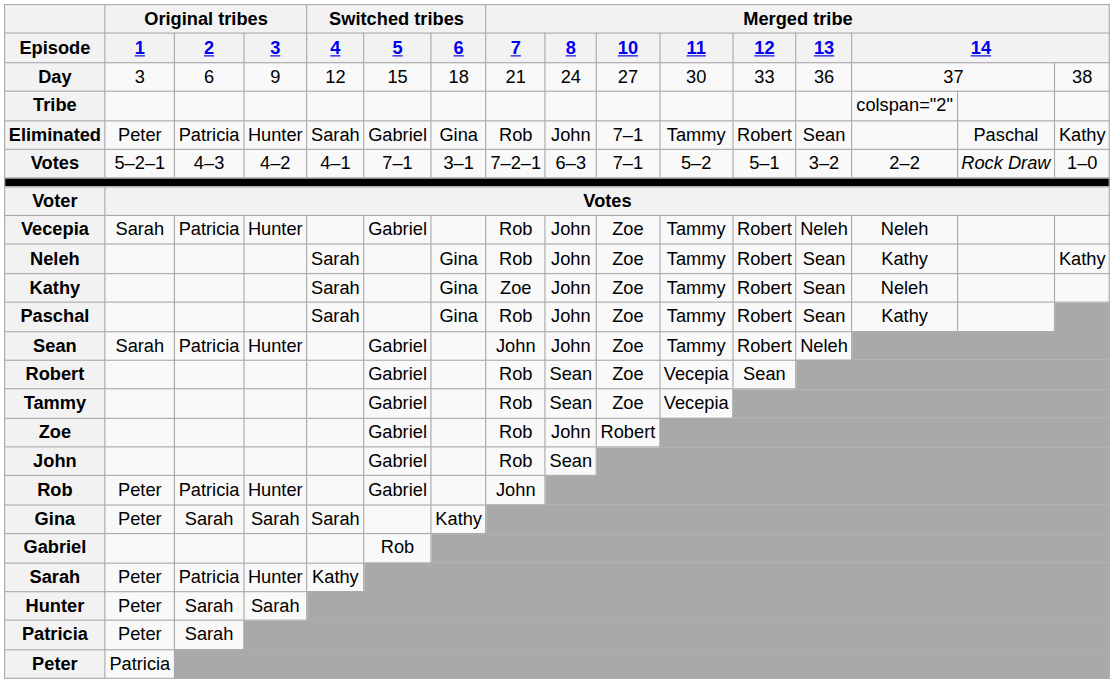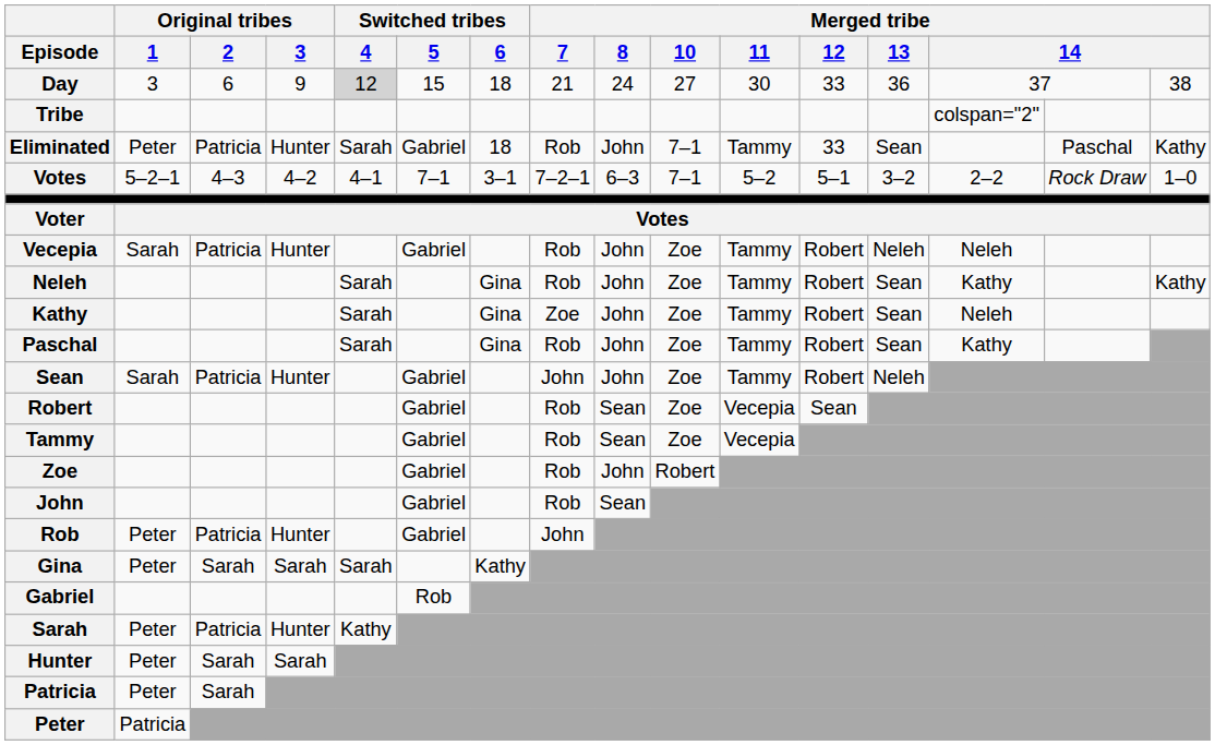 <table class="wikitable nowrap" style="text-align:center;">
 <tr>
 <th></th>
 <th colspan="3">Original tribes</th>
 <th colspan="3">Switched tribes</th>
 <th colspan="9">Merged tribe</th>
 </tr>
 <tr>
 <th>Episode</th>
 <th><a href='#'>1</a></th>
 <th><a href='#'>2</a></th>
 <th><a href='#'>3</a></th>
 <th><a href='#'>4</a></th>
 <th><a href='#'>5</a></th>
 <th><a href='#'>6</a></th>
 <th><a href='#'>7</a></th>
 <th><a href='#'>8</a></th>
 <th><a href='#'>10</a></th>
 <th><a href='#'>11</a></th>
 <th><a href='#'>12</a></th>
 <th><a href='#'>13</a></th>
 <th colspan="3"><a href='#'>14</a></th>
 </tr>
 <tr>
 <th>Day</th>
 <td>3</td>
 <td>6</td>
 <td>9</td>
-<td>12</td>
+<td style="background: lightgrey;">12</td>
 <td>15</td>
 <td>18</td>
 <td>21</td>
 <td>24</td>
 <td>27</td>
 <td>30</td>
 <td>33</td>
 <td>36</td>
 <td colspan="2">37</td>
 <td>38</td>
 </tr>
 <tr>
 <th>Tribe</th>
 <td></td>
 <td></td>
 <td></td>
 <td></td>
 <td></td>
 <td></td>
 <td></td>
 <td></td>
 <td></td>
 <td></td>
 <td></td>
 <td></td>
 <td>colspan="2" </td>
 <td></td>
 </tr>
 <tr>
 <th>Eliminated</th>
 <td>Peter</td>
 <td>Patricia</td>
 <td>Hunter</td>
 <td>Sarah</td>
 <td>Gabriel</td>
-<td>Gina</td>
+<td>18</td>
 <td>Rob</td>
 <td>John</td>
 <td>7–1</td>
 <td>Tammy</td>
-<td>Robert</td>
+<td>33</td>
 <td>Sean</td>
 <td></td>
 <td>Paschal</td>
 <td>Kathy</td>
 </tr>
 <tr>
 <th>Votes</th>
 <td>5–2–1</td>
 <td>4–3</td>
 <td>4–2</td>
 <td>4–1</td>
 <td>7–1</td>
 <td>3–1</td>
 <td>7–2–1</td>
 <td>6–3</td>
 <td>7–1</td>
 <td>5–2</td>
 <td>5–1</td>
 <td>3–2</td>
 <td>2–2</td>
 <td><em>Rock Draw</em></td>
 <td>1–0</td>
 </tr>
 <tr>
 <td style="background-color:black;" colspan="16"></td>
 </tr>
 <tr>
 <th>Voter</th>
 <th colspan="15">Votes</th>
 </tr>
 <tr>
 <th>Vecepia</th>
 <td>Sarah</td>
 <td>Patricia</td>
 <td>Hunter</td>
 <td></td>
 <td>Gabriel</td>
 <td></td>
 <td>Rob</td>
 <td>John</td>
 <td>Zoe</td>
 <td>Tammy</td>
 <td>Robert</td>
 <td>Neleh</td>
 <td>Neleh</td>
 <td></td>
 <td></td>
 </tr>
 <tr>
 <th>Neleh</th>
 <td></td>
 <td></td>
 <td></td>
 <td>Sarah</td>
 <td></td>
 <td>Gina</td>
 <td>Rob</td>
 <td>John</td>
 <td>Zoe</td>
 <td>Tammy</td>
 <td>Robert</td>
 <td>Sean</td>
 <td>Kathy</td>
 <td></td>
 <td>Kathy</td>
 </tr>
 <tr>
 <th>Kathy</th>
 <td></td>
 <td></td>
 <td></td>
 <td>Sarah</td>
 <td></td>
 <td>Gina</td>
 <td>Zoe</td>
 <td>John</td>
 <td>Zoe</td>
 <td>Tammy</td>
 <td>Robert</td>
 <td>Sean</td>
 <td>Neleh</td>
 <td></td>
 <td></td>
 </tr>
 <tr>
 <th>Paschal</th>
 <td></td>
 <td></td>
 <td></td>
 <td>Sarah</td>
 <td></td>
 <td>Gina</td>
 <td>Rob</td>
 <td>John</td>
 <td>Zoe</td>
 <td>Tammy</td>
 <td>Robert</td>
 <td>Sean</td>
 <td>Kathy</td>
 <td></td>
 <td style="background-color:darkgrey;"></td>
 </tr>
 <tr>
 <th>Sean</th>
 <td>Sarah</td>
 <td>Patricia</td>
 <td>Hunter</td>
 <td></td>
 <td>Gabriel</td>
 <td></td>
 <td>John</td>
 <td>John</td>
 <td>Zoe</td>
 <td>Tammy</td>
 <td>Robert</td>
 <td>Neleh</td>
 <td style="background-color:darkgrey;" colspan="3"></td>
 </tr>
 <tr>
 <th>Robert</th>
 <td></td>
 <td></td>
 <td></td>
 <td></td>
 <td>Gabriel</td>
 <td></td>
 <td>Rob</td>
 <td>Sean</td>
 <td>Zoe</td>
 <td>Vecepia</td>
 <td>Sean</td>
 <td style="background-color:darkgrey;" colspan="4"></td>
 </tr>
 <tr>
 <th>Tammy</th>
 <td></td>
 <td></td>
 <td></td>
 <td></td>
 <td>Gabriel</td>
 <td></td>
 <td>Rob</td>
 <td>Sean</td>
 <td>Zoe</td>
 <td>Vecepia</td>
 <td style="background-color:darkgrey;" colspan="5"></td>
 </tr>
 <tr>
 <th>Zoe</th>
 <td></td>
 <td></td>
 <td></td>
 <td></td>
 <td>Gabriel</td>
 <td></td>
 <td>Rob</td>
 <td>John</td>
 <td>Robert</td>
 <td style="background-color:darkgrey;" colspan="6"></td>
 </tr>
 <tr>
 <th>John</th>
 <td></td>
 <td></td>
 <td></td>
 <td></td>
 <td>Gabriel</td>
 <td></td>
 <td>Rob</td>
 <td>Sean</td>
 <td style="background-color:darkgrey;" colspan="7"></td>
 </tr>
 <tr>
 <th>Rob</th>
 <td>Peter</td>
 <td>Patricia</td>
 <td>Hunter</td>
 <td></td>
 <td>Gabriel</td>
 <td></td>
 <td>John</td>
 <td style="background-color:darkgrey;" colspan="8"></td>
 </tr>
 <tr>
 <th>Gina</th>
 <td>Peter</td>
 <td>Sarah</td>
 <td>Sarah</td>
 <td>Sarah</td>
 <td></td>
 <td>Kathy</td>
 <td style="background-color:darkgrey;" colspan="9"></td>
 </tr>
 <tr>
 <th>Gabriel</th>
 <td></td>
 <td></td>
 <td></td>
 <td></td>
 <td>Rob</td>
 <td style="background-color:darkgrey;" colspan="10"></td>
 </tr>
 <tr>
 <th>Sarah</th>
 <td>Peter</td>
 <td>Patricia</td>
 <td>Hunter</td>
 <td>Kathy</td>
 <td style="background-color:darkgrey;" colspan="11"></td>
 </tr>
 <tr>
 <th>Hunter</th>
 <td>Peter</td>
 <td>Sarah</td>
 <td>Sarah</td>
 <td style="background-color:darkgrey;" colspan="12"></td>
 </tr>
 <tr>
 <th>Patricia</th>
 <td>Peter</td>
 <td>Sarah</td>
 <td style="background-color:darkgrey;" colspan="13"></td>
 </tr>
 <tr>
 <th>Peter</th>
 <td>Patricia</td>
 <td style="background-color:darkgrey;" colspan="14"></td>
 </tr>
 </table>
